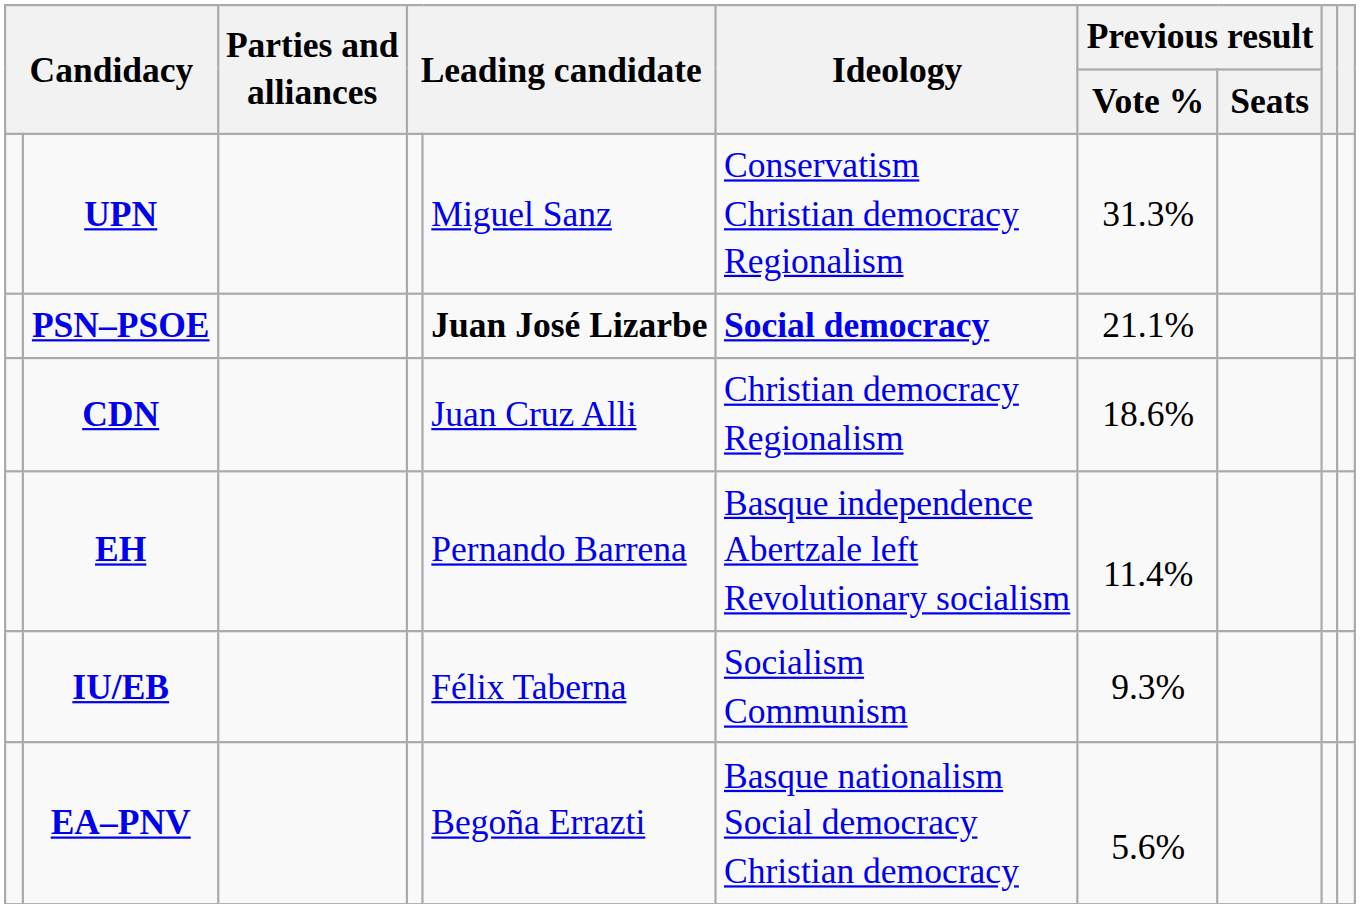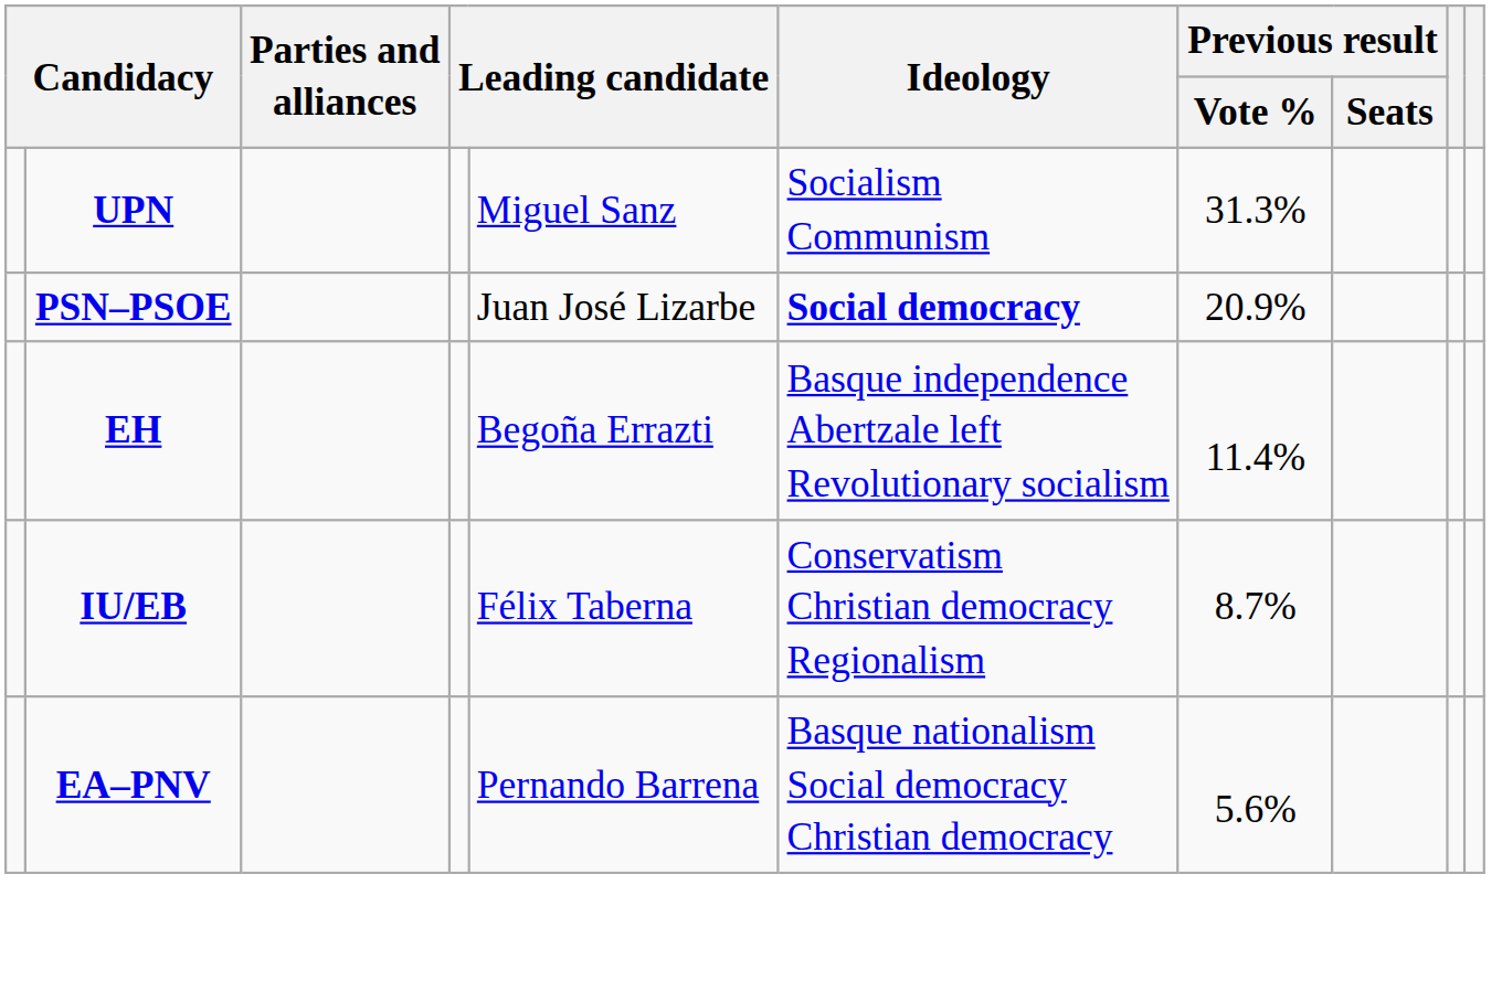 <table class="wikitable" style="line-height:1.35em; text-align:left;">
 <tr>
 <th colspan="2" rowspan="2">Candidacy</th>
 <th rowspan="2">Parties and<br>alliances</th>
 <th colspan="2" rowspan="2">Leading candidate</th>
 <th rowspan="2">Ideology</th>
 <th colspan="2">Previous result</th>
 <th rowspan="2"></th>
 <th rowspan="2"></th>
 </tr>
 <tr>
 <th>Vote %</th>
 <th>Seats</th>
 </tr>
 <tr>
 <td width="1" style="color:inherit;background:"></td>
 <td align="center"><strong><a href='#'>UPN</a></strong></td>
 <td></td>
 <td></td>
 <td><a href='#'>Miguel Sanz</a></td>
-<td><a href='#'>Conservatism</a><br><a href='#'>Christian democracy</a><br><a href='#'>Regionalism</a></td>
+<td><a href='#'>Socialism</a><br><a href='#'>Communism</a></td>
 <td align="center">31.3%</td>
 <td></td>
 <td></td>
 <td></td>
 </tr>
 <tr>
 <td style="color:inherit;background:"></td>
 <td align="center"><strong><a href='#'>PSN–PSOE</a></strong></td>
 <td></td>
 <td></td>
-<td><strong>Juan José Lizarbe</strong></td>
+<td>Juan José Lizarbe</td>
 <td><strong><a href='#'>Social democracy</a></strong></td>
-<td align="center">21.1%</td>
-<td></td>
-<td></td>
-<td></td>
-</tr>
-<tr>
-<td style="color:inherit;background:"></td>
-<td align="center"><strong><a href='#'>CDN</a></strong></td>
-<td></td>
-<td></td>
-<td><a href='#'>Juan Cruz Alli</a></td>
-<td><a href='#'>Christian democracy</a><br><a href='#'>Regionalism</a></td>
-<td align="center">18.6%</td>
+<td align="center">20.9%</td>
 <td></td>
 <td></td>
 <td></td>
 </tr>
 <tr>
 <td style="color:inherit;background:"></td>
 <td align="center"><strong><a href='#'>EH</a></strong></td>
 <td></td>
 <td></td>
-<td><a href='#'>Pernando Barrena</a></td>
+<td><a href='#'>Begoña Errazti</a></td>
 <td><a href='#'>Basque independence</a><br><a href='#'>Abertzale left</a><br><a href='#'>Revolutionary socialism</a></td>
 <td align="center"><br>11.4%<br></td>
 <td></td>
 <td></td>
 <td></td>
 </tr>
 <tr>
 <td style="color:inherit;background:"></td>
 <td align="center"><strong><a href='#'>IU/EB</a></strong></td>
 <td></td>
 <td></td>
 <td><a href='#'>Félix Taberna</a></td>
-<td><a href='#'>Socialism</a><br><a href='#'>Communism</a></td>
-<td align="center">9.3%</td>
+<td><a href='#'>Conservatism</a><br><a href='#'>Christian democracy</a><br><a href='#'>Regionalism</a></td>
+<td align="center">8.7%</td>
 <td></td>
 <td></td>
 <td></td>
 </tr>
 <tr>
 <td style="color:inherit;background:"></td>
 <td align="center"><strong><a href='#'>EA–PNV</a></strong></td>
 <td></td>
 <td></td>
-<td><a href='#'>Begoña Errazti</a></td>
+<td><a href='#'>Pernando Barrena</a></td>
 <td><a href='#'>Basque nationalism</a><br><a href='#'>Social democracy</a><br><a href='#'>Christian democracy</a></td>
 <td align="center"><br>5.6%<br></td>
 <td></td>
 <td></td>
 <td></td>
 </tr>
 </table>
